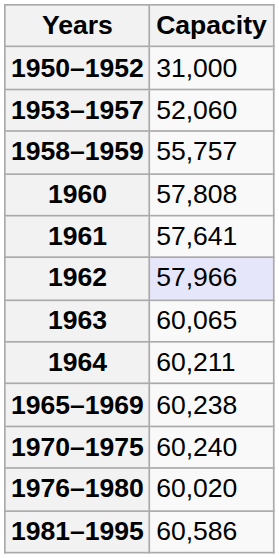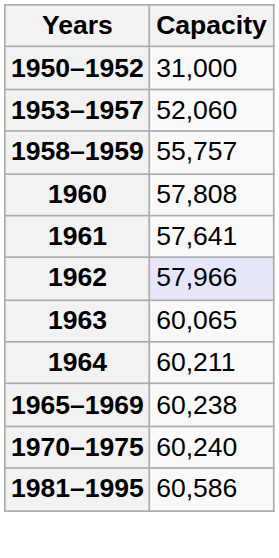 <table class="wikitable">
 <tr>
 <th scope="row">Years</th>
 <th scope="row">Capacity</th>
 </tr>
 <tr>
 <th scope="row">1950–1952</th>
 <td>31,000</td>
 </tr>
 <tr>
 <th scope="row">1953–1957</th>
 <td>52,060</td>
 </tr>
 <tr>
 <th scope="row">1958–1959</th>
 <td>55,757</td>
 </tr>
 <tr>
 <th scope="row">1960</th>
 <td>57,808</td>
 </tr>
 <tr>
 <th scope="row">1961</th>
 <td>57,641</td>
 </tr>
 <tr>
 <th scope="row">1962</th>
 <td style="background: lavender;">57,966</td>
 </tr>
 <tr>
 <th scope="row">1963</th>
 <td>60,065</td>
 </tr>
 <tr>
 <th scope="row">1964</th>
 <td>60,211</td>
 </tr>
 <tr>
 <th scope="row">1965–1969</th>
 <td>60,238</td>
 </tr>
 <tr>
 <th scope="row">1970–1975</th>
 <td>60,240</td>
 </tr>
 <tr>
-<th scope="row">1976–1980</th>
-<td>60,020</td>
-</tr>
-<tr>
 <th scope="row">1981–1995</th>
 <td>60,586</td>
 </tr>
 </table>
